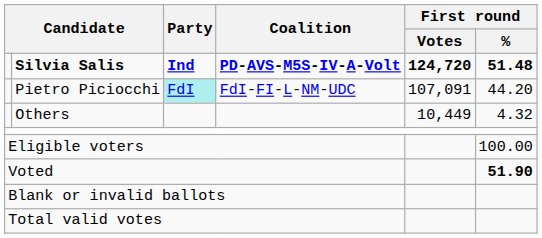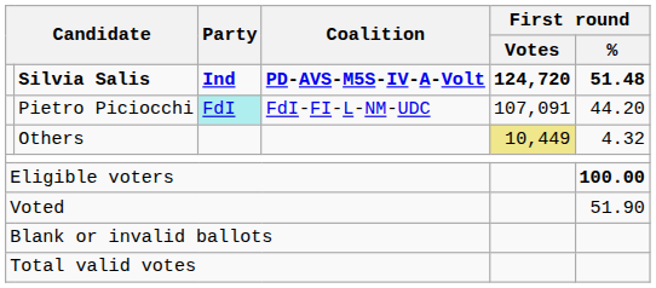 <table class="wikitable centre">
 <tr>
 <th scope="col" rowspan=2 colspan=2>Candidate</th>
 <th scope="col" rowspan=2 colspan=1>Party</th>
 <th scope="col" rowspan=2 colspan=1>Coalition</th>
 <th scope="col" colspan=2>First round</th>
 </tr>
 <tr>
 <th scope="col">Votes</th>
 <th scope="col">%</th>
 </tr>
 <tr>
 <td></td>
 <td><strong>Silvia Salis</strong></td>
 <td><strong><a href='#'>Ind</a></strong></td>
 <td><strong><a href='#'>PD</a>-<a href='#'>AVS</a>-<a href='#'>M5S</a>-<a href='#'>IV</a>-<a href='#'>A</a>-<a href='#'>Volt</a></strong></td>
 <td style="text-align: right"><strong>124,720</strong></td>
 <td style="text-align: right"><strong>51.48</strong></td>
 </tr>
 <tr>
 <td></td>
 <td>Pietro Piciocchi</td>
 <td style="background: paleturquoise;"><a href='#'>FdI</a></td>
 <td><a href='#'>FdI</a>-<a href='#'>FI</a>-<a href='#'>L</a>-<a href='#'>NM</a>-<a href='#'>UDC</a></td>
 <td style="text-align: right">107,091</td>
 <td style="text-align: right">44.20</td>
 </tr>
 <tr>
 <td bgcolor=""></td>
 <td>Others</td>
 <td></td>
 <td></td>
-<td style="text-align: right">10,449</td>
+<td style="background: khaki; text-align: right">10,449</td>
 <td style="text-align: right">4.32</td>
 </tr>
 <tr bgcolor=white>
 <td colspan=8></td>
 </tr>
 <tr>
 <td colspan=4>Eligible voters</td>
 <td style="text-align: right"></td>
-<td style="text-align: right">100.00</td>
+<td style="text-align: right"><strong>100.00</strong></td>
 </tr>
 <tr>
 <td colspan=4>Voted</td>
 <td style="text-align: right"></td>
-<td style="text-align: right"><strong>51.90</strong></td>
+<td style="text-align: right">51.90</td>
 </tr>
 <tr>
 <td colspan=4>Blank or invalid ballots</td>
 <td style="text-align: right"></td>
 <td style="text-align: right"></td>
 </tr>
 <tr>
 <td colspan=4>Total valid votes</td>
 <td style="text-align: right"></td>
 <td style="text-align: right"></td>
 </tr>
 </table>
